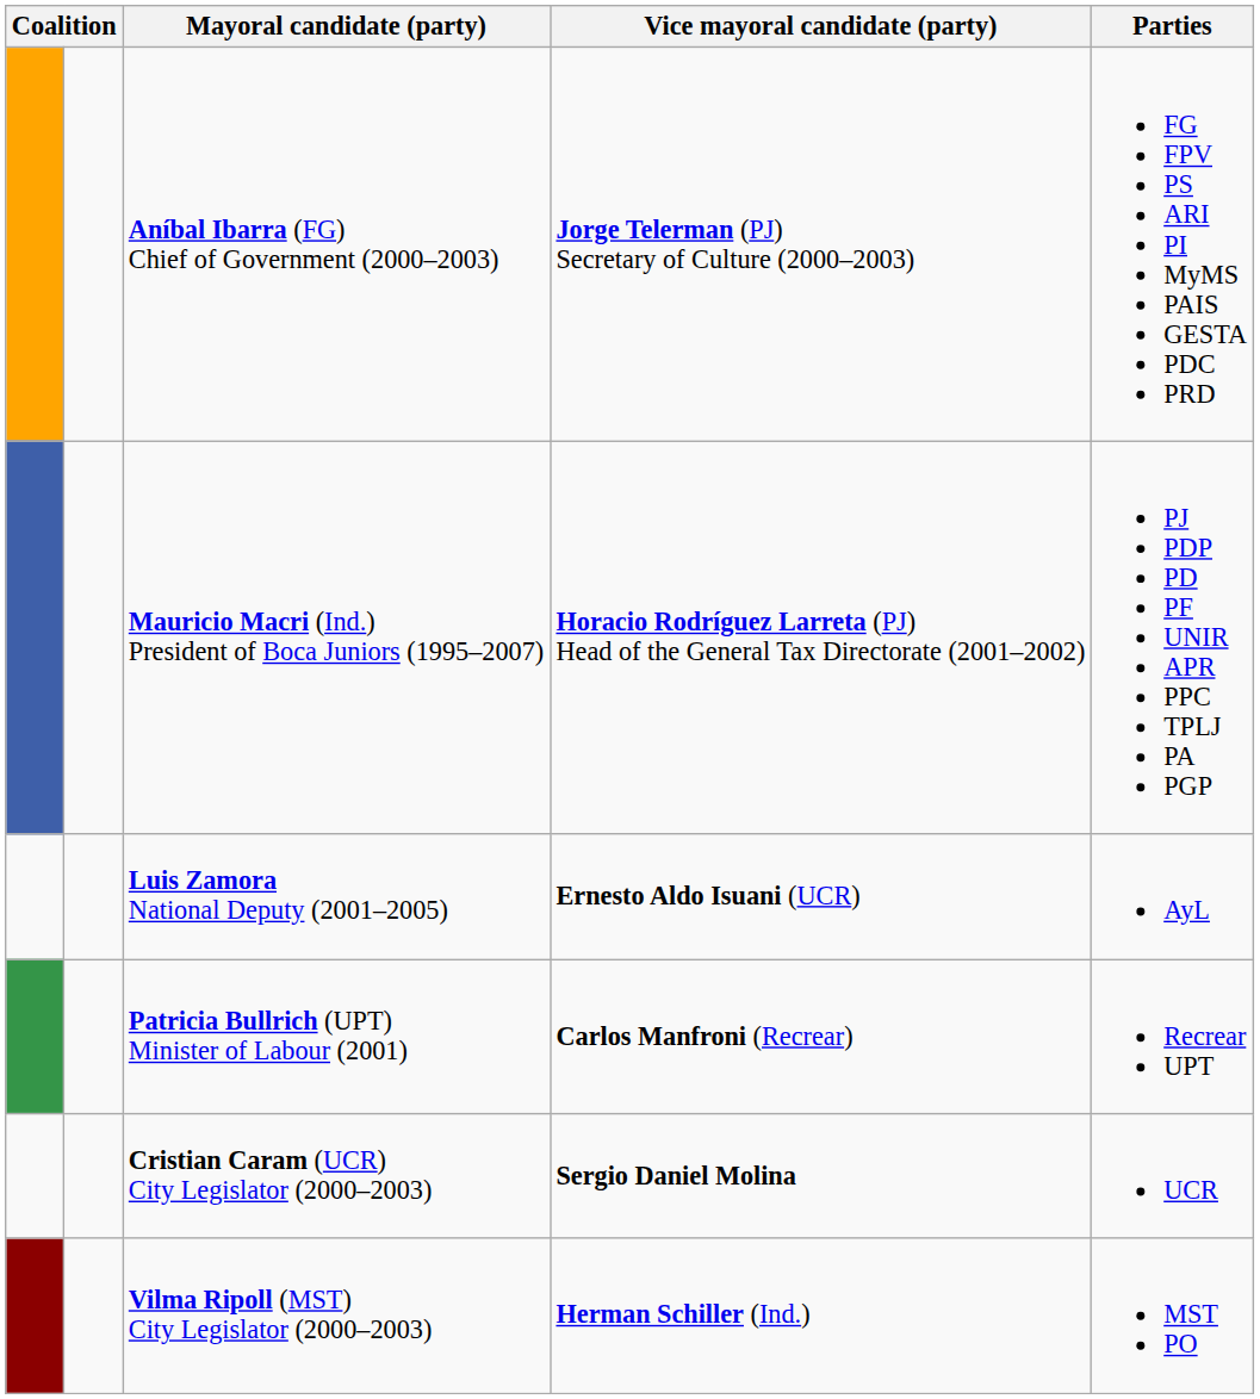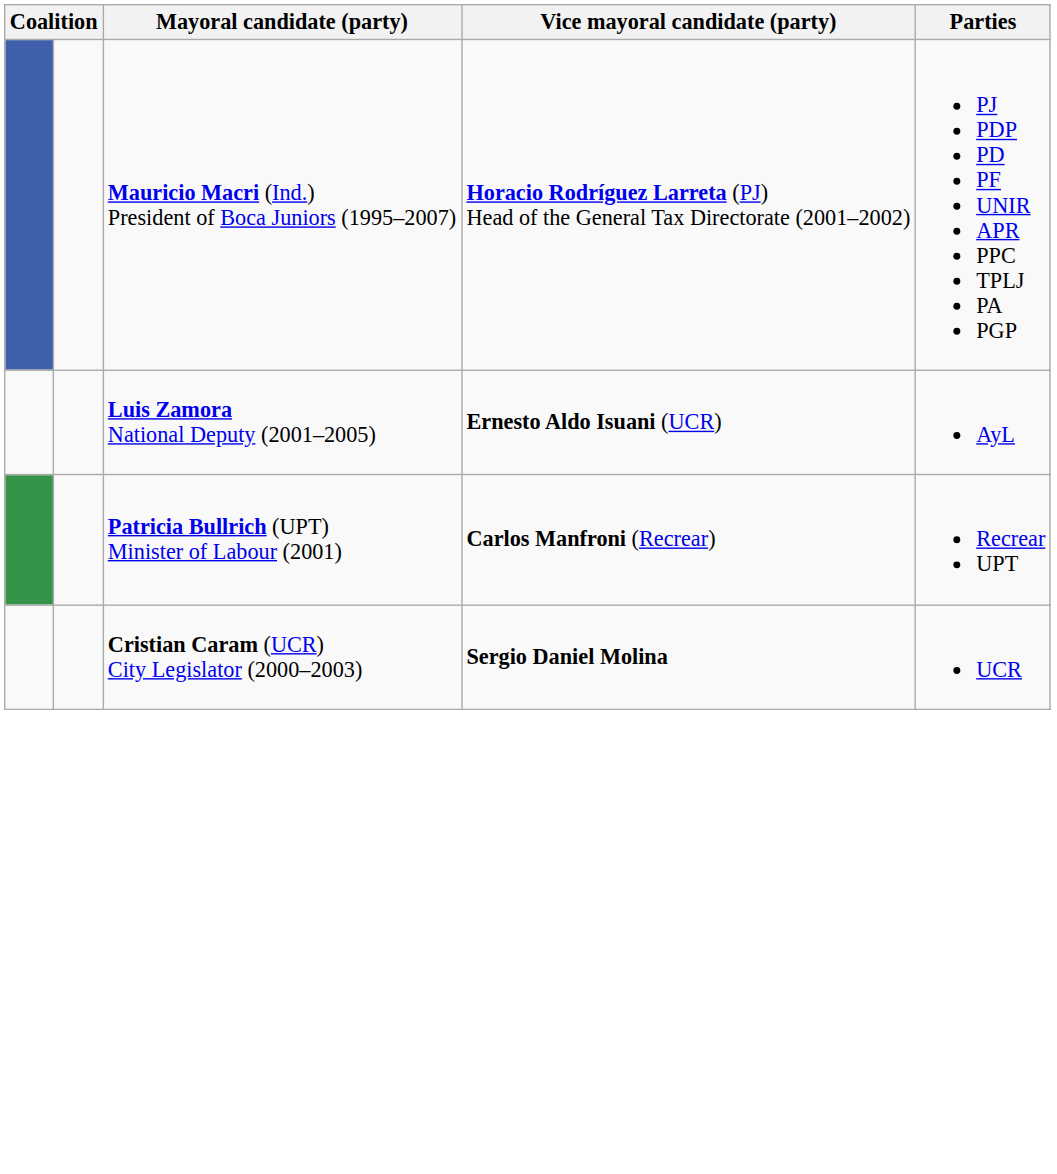 <table class="vertical-align-top wikitable">
 <tr>
 <th scope=colgroup colspan=2>Coalition</th>
 <th scope=colgroup>Mayoral candidate (party)<br></th>
 <th scope=colgroup>Vice mayoral candidate (party)<br></th>
 <th scope=col>Parties</th>
-</tr>
-<tr>
-<td style="background:orange"></td>
-<td style="text-align:center; line-height:1.3"></td>
-<td><strong><a href='#'>Aníbal Ibarra</a></strong> (<a href='#'>FG</a>)<br>Chief of Government (2000–2003)</td>
-<td><strong><a href='#'>Jorge Telerman</a></strong> (<a href='#'>PJ</a>)<br>Secretary of Culture (2000–2003)</td>
-<td><br><ul><li><a href='#'>FG</a></li><li><a href='#'>FPV</a></li><li><a href='#'>PS</a></li><li><a href='#'>ARI</a></li><li><a href='#'>PI</a></li><li>MyMS</li><li>PAIS</li><li>GESTA</li><li>PDC</li><li>PRD</li></ul></td>
 </tr>
 <tr>
 <td style="background:#3E5FA9"></td>
 <td style="text-align:center; line-height:1.3"></td>
 <td><strong><a href='#'>Mauricio Macri</a></strong> (<a href='#'>Ind.</a>)<br>President of <a href='#'>Boca Juniors</a> (1995–2007)</td>
 <td><strong><a href='#'>Horacio Rodríguez Larreta</a></strong> (<a href='#'>PJ</a>)<br>Head of the General Tax Directorate (2001–2002)</td>
 <td><br><ul><li><a href='#'>PJ</a></li><li><a href='#'>PDP</a></li><li><a href='#'>PD</a></li><li><a href='#'>PF</a></li><li><a href='#'>UNIR</a></li><li><a href='#'>APR</a></li><li>PPC</li><li>TPLJ</li><li>PA</li><li>PGP</li></ul></td>
 </tr>
 <tr>
 <td style=background:></td>
 <td style="text-align:center; line-height:1.3"></td>
 <td><strong><a href='#'>Luis Zamora</a></strong><br><a href='#'>National Deputy</a> (2001–2005)</td>
 <td><strong>Ernesto Aldo Isuani</strong> (<a href='#'>UCR</a>)</td>
 <td><br><ul><li><a href='#'>AyL</a></li></ul></td>
 </tr>
 <tr>
 <td style=background:#349548></td>
 <td style="text-align:center; line-height:1.3"></td>
 <td><strong><a href='#'>Patricia Bullrich</a></strong> (UPT)<br><a href='#'>Minister of Labour</a> (2001)</td>
 <td><strong>Carlos Manfroni</strong> (<a href='#'>Recrear</a>)</td>
 <td><br><ul><li><a href='#'>Recrear</a></li><li>UPT</li></ul></td>
 </tr>
 <tr>
 <td style="background:"></td>
 <td style="text-align:center; line-height:1.3"></td>
 <td><strong>Cristian Caram</strong> (<a href='#'>UCR</a>)<br><a href='#'>City Legislator</a> (2000–2003)</td>
 <td><strong>Sergio Daniel Molina</strong></td>
 <td><br><ul><li><a href='#'>UCR</a></li></ul></td>
 </tr>
-<tr>
-<td style=background:darkred></td>
-<td style="text-align:center; line-height:1.3"></td>
-<td><strong><a href='#'>Vilma Ripoll</a></strong> (<a href='#'>MST</a>)<br><a href='#'>City Legislator</a> (2000–2003)</td>
-<td><strong><a href='#'>Herman Schiller</a></strong> (<a href='#'>Ind.</a>)</td>
-<td><br><ul><li><a href='#'>MST</a></li><li><a href='#'>PO</a></li></ul></td>
-</tr>
 </table>
